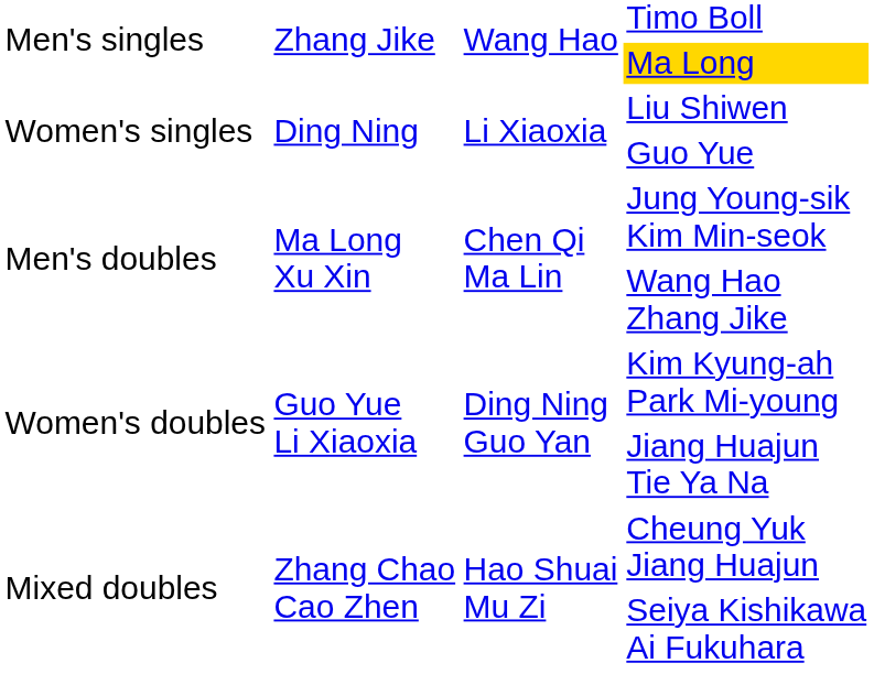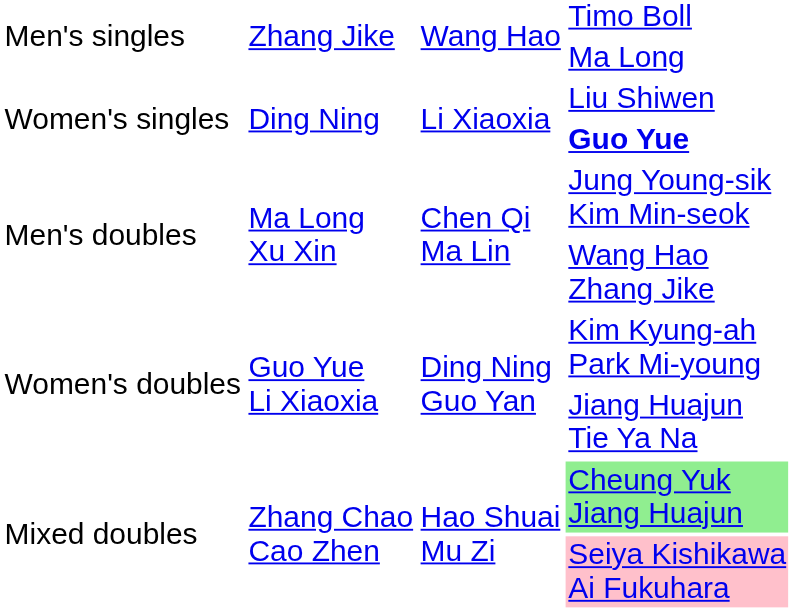 <table>
 <tr>
 <td rowspan=2>Men's singles <br></td>
 <td rowspan=2> <a href='#'>Zhang Jike</a></td>
 <td rowspan=2> <a href='#'>Wang Hao</a></td>
 <td> <a href='#'>Timo Boll</a></td>
 </tr>
 <tr>
-<td style="background: gold;"> <a href='#'>Ma Long</a></td>
+<td> <a href='#'>Ma Long</a></td>
 </tr>
 <tr>
 <td rowspan=2>Women's singles <br></td>
 <td rowspan=2> <a href='#'>Ding Ning</a></td>
 <td rowspan=2> <a href='#'>Li Xiaoxia</a></td>
 <td> <a href='#'>Liu Shiwen</a></td>
 </tr>
 <tr>
-<td> <a href='#'>Guo Yue</a></td>
+<td><strong> <a href='#'>Guo Yue</a></strong></td>
 </tr>
 <tr>
 <td rowspan=2>Men's doubles <br></td>
 <td rowspan=2> <a href='#'>Ma Long</a><br> <a href='#'>Xu Xin</a></td>
 <td rowspan=2> <a href='#'>Chen Qi</a><br> <a href='#'>Ma Lin</a></td>
 <td> <a href='#'>Jung Young-sik</a><br> <a href='#'>Kim Min-seok</a></td>
 </tr>
 <tr>
 <td> <a href='#'>Wang Hao</a><br> <a href='#'>Zhang Jike</a></td>
 </tr>
 <tr>
 <td rowspan=2>Women's doubles <br></td>
 <td rowspan=2> <a href='#'>Guo Yue</a><br> <a href='#'>Li Xiaoxia</a></td>
 <td rowspan=2> <a href='#'>Ding Ning</a><br> <a href='#'>Guo Yan</a></td>
 <td> <a href='#'>Kim Kyung-ah</a><br> <a href='#'>Park Mi-young</a></td>
 </tr>
 <tr>
 <td> <a href='#'>Jiang Huajun</a><br> <a href='#'>Tie Ya Na</a></td>
 </tr>
 <tr>
 <td rowspan=2>Mixed doubles <br></td>
 <td rowspan=2> <a href='#'>Zhang Chao</a><br> <a href='#'>Cao Zhen</a></td>
 <td rowspan=2> <a href='#'>Hao Shuai</a><br> <a href='#'>Mu Zi</a></td>
-<td> <a href='#'>Cheung Yuk</a><br> <a href='#'>Jiang Huajun</a></td>
+<td style="background: lightgreen;"> <a href='#'>Cheung Yuk</a><br> <a href='#'>Jiang Huajun</a></td>
 </tr>
 <tr>
-<td> <a href='#'>Seiya Kishikawa</a><br> <a href='#'>Ai Fukuhara</a></td>
+<td style="background: pink;"> <a href='#'>Seiya Kishikawa</a><br> <a href='#'>Ai Fukuhara</a></td>
 </tr>
 </table>
